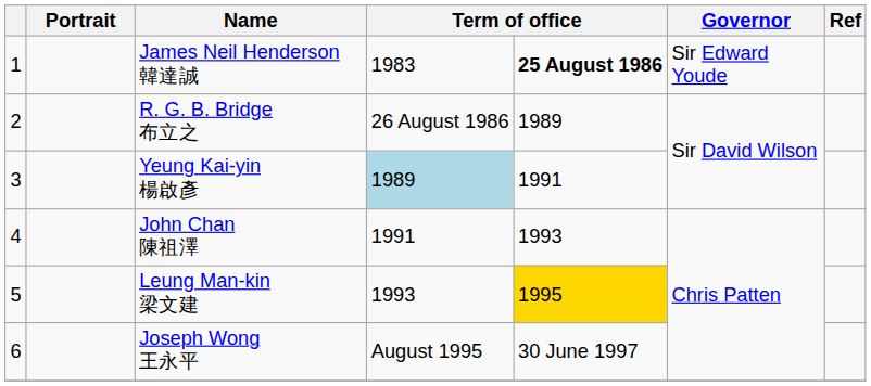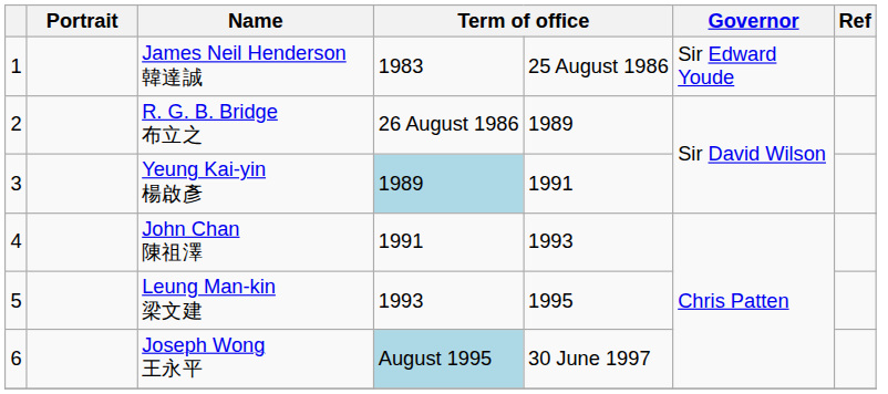 <table class="wikitable"  style="text-align:left">
 <tr>
 <th width="10"></th>
 <th width="80">Portrait</th>
 <th width="180">Name</th>
 <th width="180" colspan="2">Term of office</th>
 <th width="120"><a href='#'>Governor</a></th>
 <th>Ref</th>
 </tr>
 <tr>
 <td align=center>1</td>
 <td></td>
 <td><a href='#'>James Neil Henderson</a><br>韓達誠</td>
 <td>1983</td>
-<td><strong>25 August 1986</strong></td>
+<td>25 August 1986</td>
 <td>Sir <a href='#'>Edward Youde</a><br></td>
 <td></td>
 </tr>
 <tr>
 <td align=center>2</td>
 <td></td>
 <td><a href='#'>R. G. B. Bridge</a><br>布立之</td>
 <td>26 August 1986</td>
 <td>1989</td>
 <td rowspan=3>Sir <a href='#'>David Wilson</a><br></td>
 <td><br></td>
 </tr>
 <tr>
 <td align=center>3</td>
 <td></td>
 <td><a href='#'>Yeung Kai-yin</a><br>楊啟彥</td>
 <td style="background: lightblue;">1989</td>
 <td>1991</td>
 <td></td>
 </tr>
 <tr>
 <td align=center rowspan=2>4</td>
 <td rowspan=2></td>
 <td rowspan=2><a href='#'>John Chan</a><br>陳祖澤</td>
 <td rowspan=2>1991</td>
 <td rowspan=2>1993</td>
 <td rowspan=2></td>
 </tr>
 <tr>
 <td rowspan=3><a href='#'>Chris Patten</a><br></td>
 </tr>
 <tr>
 <td align=center>5</td>
 <td></td>
 <td><a href='#'>Leung Man-kin</a><br>梁文建</td>
 <td>1993</td>
-<td style="background: gold;">1995</td>
+<td>1995</td>
 <td></td>
 </tr>
 <tr>
 <td align=center>6</td>
 <td></td>
 <td><a href='#'>Joseph Wong</a><br>王永平</td>
-<td>August 1995</td>
+<td style="background: lightblue;">August 1995</td>
 <td>30 June 1997</td>
 <td></td>
 </tr>
 <tr>
 </tr>
 </table>
